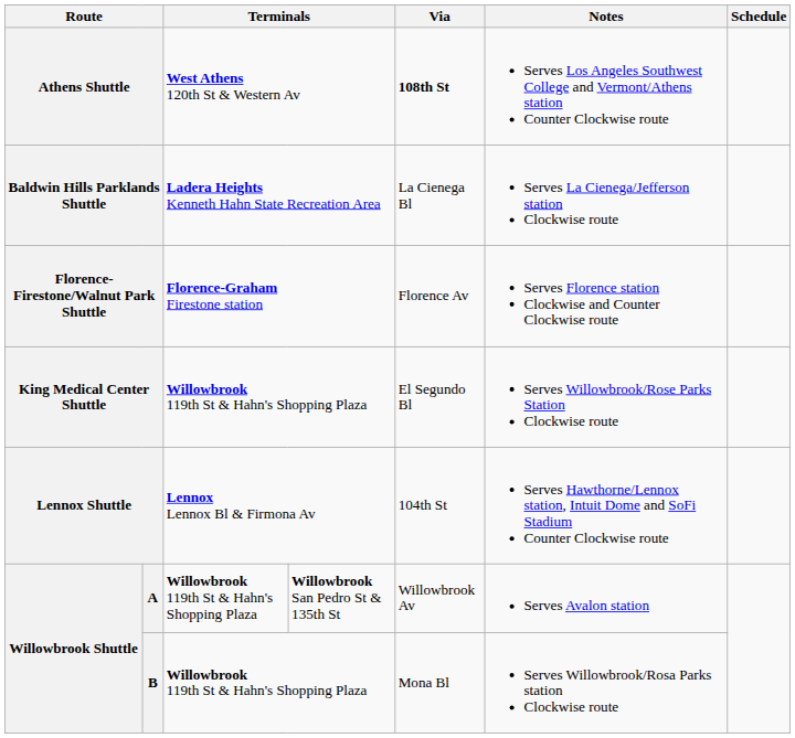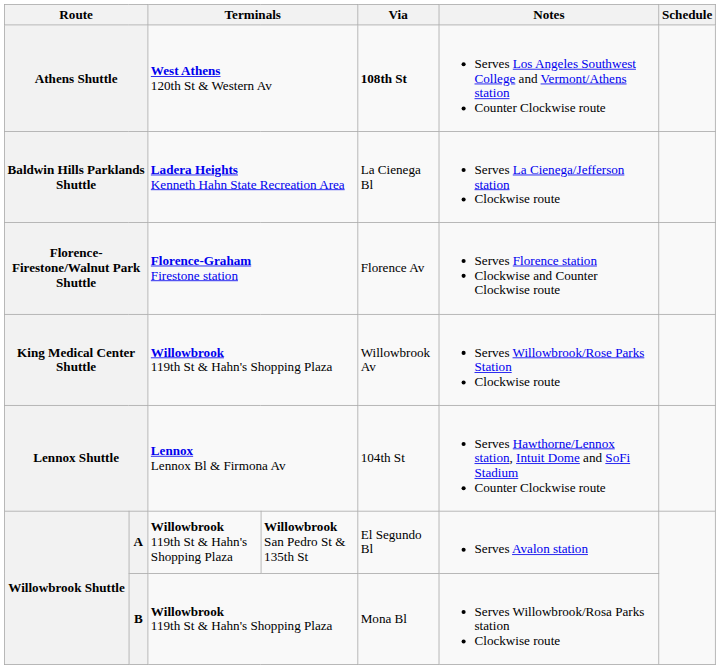 <table class="wikitable">
 <tr>
 <th colspan=2>Route</th>
 <th colspan=2>Terminals</th>
 <th>Via</th>
 <th>Notes</th>
 <th>Schedule</th>
 </tr>
 <tr>
 <th colspan=2>Athens Shuttle</th>
 <td colspan=2><strong><a href='#'>West Athens</a></strong><br>120th St & Western Av</td>
 <td><strong>108th St</strong></td>
 <td><br><ul><li>Serves <a href='#'>Los Angeles Southwest College</a> and <a href='#'>Vermont/Athens station</a></li><li>Counter Clockwise route</li></ul></td>
 <td></td>
 </tr>
 <tr>
 <th colspan=2>Baldwin Hills Parklands Shuttle</th>
 <td colspan=2><strong><a href='#'>Ladera Heights</a></strong><br><a href='#'>Kenneth Hahn State Recreation Area</a></td>
 <td>La Cienega Bl</td>
 <td><br><ul><li>Serves <a href='#'>La Cienega/Jefferson station</a></li><li>Clockwise route</li></ul></td>
 <td></td>
 </tr>
 <tr>
 <th colspan=2>Florence-Firestone/Walnut Park Shuttle</th>
 <td colspan=2><strong><a href='#'>Florence-Graham</a></strong><br><a href='#'>Firestone station</a></td>
 <td>Florence Av</td>
 <td><br><ul><li>Serves <a href='#'>Florence station</a></li><li>Clockwise and Counter Clockwise route</li></ul></td>
 <td></td>
 </tr>
 <tr>
 <th colspan=2>King Medical Center Shuttle</th>
 <td colspan=2><strong><a href='#'>Willowbrook</a></strong><br>119th St & Hahn's Shopping Plaza</td>
-<td>El Segundo Bl</td>
+<td>Willowbrook Av</td>
 <td><br><ul><li>Serves <a href='#'>Willowbrook/Rose Parks Station</a></li><li>Clockwise route</li></ul></td>
 <td></td>
 </tr>
 <tr>
 <th colspan=2>Lennox Shuttle</th>
 <td colspan=2><strong><a href='#'>Lennox</a></strong><br>Lennox Bl & Firmona Av</td>
 <td>104th St</td>
 <td><br><ul><li>Serves <a href='#'>Hawthorne/Lennox station</a>, <a href='#'>Intuit Dome</a> and <a href='#'>SoFi Stadium</a></li><li>Counter Clockwise route</li></ul></td>
 <td></td>
 </tr>
 <tr>
 <th rowspan="2">Willowbrook Shuttle</th>
 <th>A</th>
 <td><strong>Willowbrook</strong><br>119th St & Hahn's Shopping Plaza</td>
 <td><strong>Willowbrook</strong><br>San Pedro St & 135th St</td>
-<td>Willowbrook Av</td>
+<td>El Segundo Bl</td>
 <td><br><ul><li>Serves <a href='#'>Avalon station</a></li></ul></td>
 <td rowspan="2"></td>
 </tr>
 <tr>
 <th>B</th>
 <td colspan=2><strong>Willowbrook</strong><br>119th St & Hahn's Shopping Plaza</td>
 <td>Mona Bl</td>
 <td><br><ul><li>Serves Willowbrook/Rosa Parks station</li><li>Clockwise route</li></ul></td>
 </tr>
 </table>
